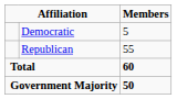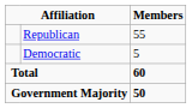 <table class="wikitable">
 <tr>
 <td colspan="2" rowspan="1" align="center" valign="top"><strong>Affiliation</strong></td>
 <td style="vertical-align:top;"><strong>Members</strong></td>
 </tr>
 <tr>
 <td style="background-color:"> </td>
-<td><a href='#'>Democratic</a></td>
-<td>5</td>
+<td><a href='#'>Republican</a></td>
+<td>55</td>
 </tr>
 <tr>
 <td style="background-color:"> </td>
-<td><a href='#'>Republican</a></td>
-<td>55</td>
+<td><a href='#'>Democratic</a></td>
+<td>5</td>
 </tr>
 <tr>
 <td colspan="2" rowspan="1"> <strong>Total</strong></td>
 <td><strong>60</strong></td>
 </tr>
 <tr>
 <td colspan="2" rowspan="1"> <strong>Government Majority</strong></td>
 <td><strong>50</strong></td>
 </tr>
 </table>
